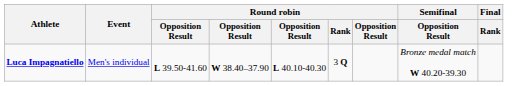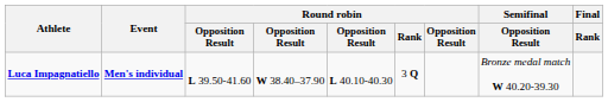 <table class=wikitable style=font-size:90%;text-align:center>
 <tr>
 <th rowspan=2>Athlete</th>
 <th rowspan=2>Event</th>
 <th colspan=5>Round robin</th>
 <th>Semifinal</th>
 <th colspan=2>Final</th>
 </tr>
 <tr style=font-size:95%>
 <th>Opposition<br>Result</th>
 <th>Opposition<br>Result</th>
 <th>Opposition<br>Result</th>
 <th>Rank</th>
 <th>Opposition<br>Result</th>
 <th>Opposition<br>Result</th>
 <th>Rank</th>
 </tr>
 <tr>
 <td align=left><strong><a href='#'>Luca Impagnatiello</a></strong></td>
-<td align=left><a href='#'>Men's individual</a></td>
+<td align=left><strong><a href='#'>Men's individual</a></strong></td>
 <td><br><strong>L</strong> 39.50-41.60</td>
 <td><br><strong>W</strong> 38.40–37.90</td>
 <td><br><strong>L</strong> 40.10-40.30</td>
 <td>3 <strong>Q</strong></td>
 <td></td>
 <td><em>Bronze medal match</em><br><br><strong>W</strong> 40.20-39.30</td>
 <td></td>
 </tr>
 </table>
